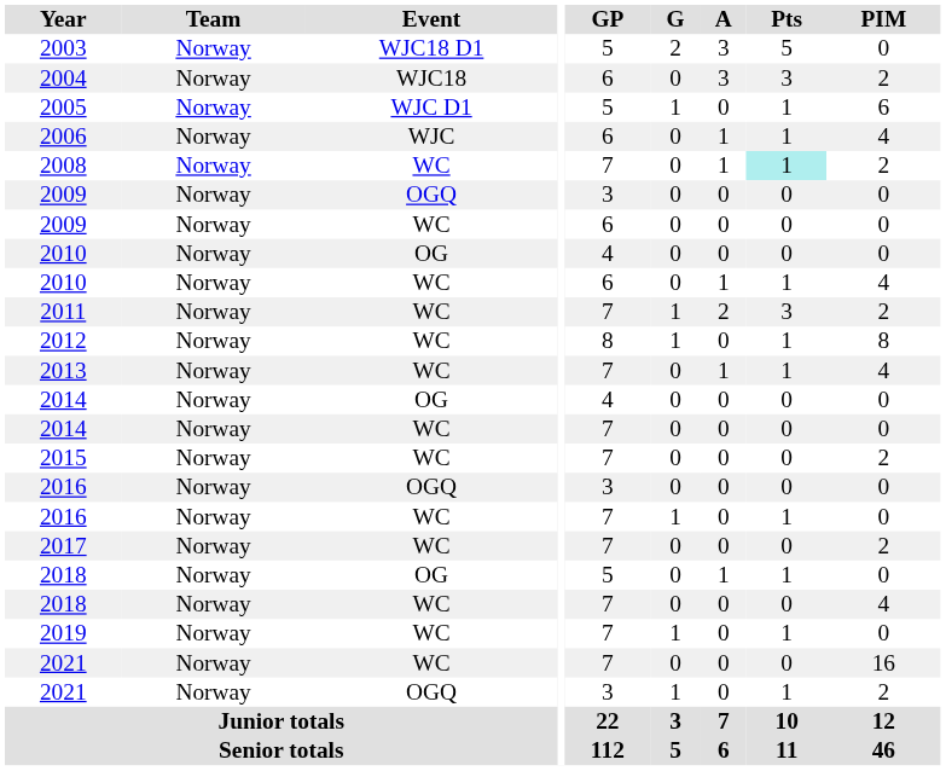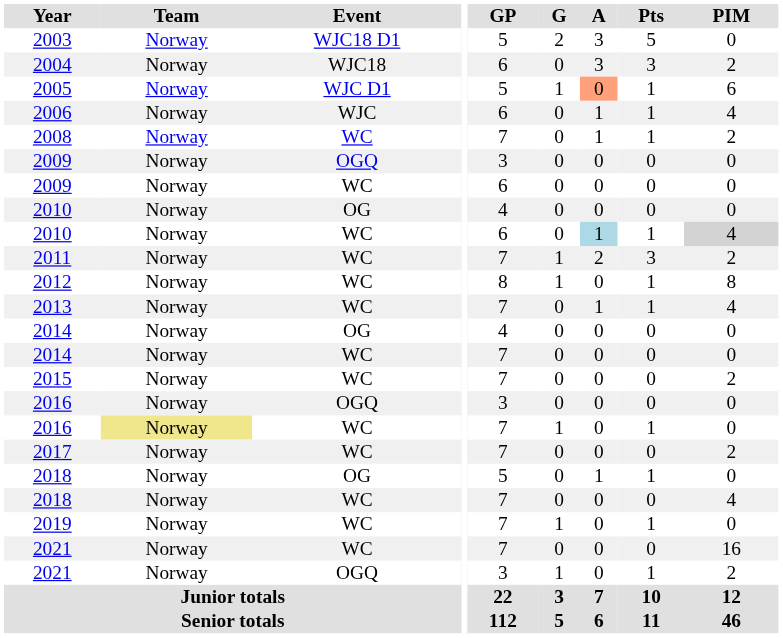 <table border="0" cellpadding="1" cellspacing="0" ID="Table3" style="text-align:center; width:40em">
 <tr ALIGN="center" bgcolor="#e0e0e0">
 <th>Year</th>
 <th>Team</th>
 <th>Event</th>
 <th rowspan="99" bgcolor="#ffffff"></th>
 <th>GP</th>
 <th>G</th>
 <th>A</th>
 <th>Pts</th>
 <th>PIM</th>
 </tr>
 <tr>
 <td><a href='#'>2003</a></td>
 <td><a href='#'>Norway</a></td>
 <td><a href='#'>WJC18 D1</a></td>
 <td>5</td>
 <td>2</td>
 <td>3</td>
 <td>5</td>
 <td>0</td>
 </tr>
 <tr bgcolor="#f0f0f0">
 <td><a href='#'>2004</a></td>
 <td>Norway</td>
 <td>WJC18</td>
 <td>6</td>
 <td>0</td>
 <td>3</td>
 <td>3</td>
 <td>2</td>
 </tr>
 <tr>
 <td><a href='#'>2005</a></td>
 <td><a href='#'>Norway</a></td>
 <td><a href='#'>WJC D1</a></td>
 <td>5</td>
 <td>1</td>
-<td>0</td>
+<td style="background: lightsalmon;">0</td>
 <td>1</td>
 <td>6</td>
 </tr>
 <tr bgcolor="#f0f0f0">
 <td><a href='#'>2006</a></td>
 <td>Norway</td>
 <td>WJC</td>
 <td>6</td>
 <td>0</td>
 <td>1</td>
 <td>1</td>
 <td>4</td>
 </tr>
 <tr>
 <td><a href='#'>2008</a></td>
 <td><a href='#'>Norway</a></td>
 <td><a href='#'>WC</a></td>
 <td>7</td>
 <td>0</td>
 <td>1</td>
-<td style="background: paleturquoise;">1</td>
+<td>1</td>
 <td>2</td>
 </tr>
 <tr bgcolor="#f0f0f0">
 <td><a href='#'>2009</a></td>
 <td>Norway</td>
 <td><a href='#'>OGQ</a></td>
 <td>3</td>
 <td>0</td>
 <td>0</td>
 <td>0</td>
 <td>0</td>
 </tr>
 <tr>
 <td><a href='#'>2009</a></td>
 <td>Norway</td>
 <td>WC</td>
 <td>6</td>
 <td>0</td>
 <td>0</td>
 <td>0</td>
 <td>0</td>
 </tr>
 <tr bgcolor="#f0f0f0">
 <td><a href='#'>2010</a></td>
 <td>Norway</td>
 <td>OG</td>
 <td>4</td>
 <td>0</td>
 <td>0</td>
 <td>0</td>
 <td>0</td>
 </tr>
 <tr>
 <td><a href='#'>2010</a></td>
 <td>Norway</td>
 <td>WC</td>
 <td>6</td>
 <td>0</td>
+<td style="background: lightblue;">1</td>
 <td>1</td>
-<td>1</td>
-<td>4</td>
+<td style="background: lightgrey;">4</td>
 </tr>
 <tr bgcolor="#f0f0f0">
 <td><a href='#'>2011</a></td>
 <td>Norway</td>
 <td>WC</td>
 <td>7</td>
 <td>1</td>
 <td>2</td>
 <td>3</td>
 <td>2</td>
 </tr>
 <tr>
 <td><a href='#'>2012</a></td>
 <td>Norway</td>
 <td>WC</td>
 <td>8</td>
 <td>1</td>
 <td>0</td>
 <td>1</td>
 <td>8</td>
 </tr>
 <tr bgcolor="#f0f0f0">
 <td><a href='#'>2013</a></td>
 <td>Norway</td>
 <td>WC</td>
 <td>7</td>
 <td>0</td>
 <td>1</td>
 <td>1</td>
 <td>4</td>
 </tr>
 <tr>
 <td><a href='#'>2014</a></td>
 <td>Norway</td>
 <td>OG</td>
 <td>4</td>
 <td>0</td>
 <td>0</td>
 <td>0</td>
 <td>0</td>
 </tr>
 <tr bgcolor="#f0f0f0">
 <td><a href='#'>2014</a></td>
 <td>Norway</td>
 <td>WC</td>
 <td>7</td>
 <td>0</td>
 <td>0</td>
 <td>0</td>
 <td>0</td>
 </tr>
 <tr>
 <td><a href='#'>2015</a></td>
 <td>Norway</td>
 <td>WC</td>
 <td>7</td>
 <td>0</td>
 <td>0</td>
 <td>0</td>
 <td>2</td>
 </tr>
 <tr bgcolor="#f0f0f0">
 <td><a href='#'>2016</a></td>
 <td>Norway</td>
 <td>OGQ</td>
 <td>3</td>
 <td>0</td>
 <td>0</td>
 <td>0</td>
 <td>0</td>
 </tr>
 <tr>
 <td><a href='#'>2016</a></td>
-<td>Norway</td>
+<td style="background: khaki;">Norway</td>
 <td>WC</td>
 <td>7</td>
 <td>1</td>
 <td>0</td>
 <td>1</td>
 <td>0</td>
 </tr>
 <tr bgcolor="#f0f0f0">
 <td><a href='#'>2017</a></td>
 <td>Norway</td>
 <td>WC</td>
 <td>7</td>
 <td>0</td>
 <td>0</td>
 <td>0</td>
 <td>2</td>
 </tr>
 <tr>
 <td><a href='#'>2018</a></td>
 <td>Norway</td>
 <td>OG</td>
 <td>5</td>
 <td>0</td>
 <td>1</td>
 <td>1</td>
 <td>0</td>
 </tr>
 <tr bgcolor="#f0f0f0">
 <td><a href='#'>2018</a></td>
 <td>Norway</td>
 <td>WC</td>
 <td>7</td>
 <td>0</td>
 <td>0</td>
 <td>0</td>
 <td>4</td>
 </tr>
 <tr>
 <td><a href='#'>2019</a></td>
 <td>Norway</td>
 <td>WC</td>
 <td>7</td>
 <td>1</td>
 <td>0</td>
 <td>1</td>
 <td>0</td>
 </tr>
 <tr bgcolor="#f0f0f0">
 <td><a href='#'>2021</a></td>
 <td>Norway</td>
 <td>WC</td>
 <td>7</td>
 <td>0</td>
 <td>0</td>
 <td>0</td>
 <td>16</td>
 </tr>
 <tr>
 <td><a href='#'>2021</a></td>
 <td>Norway</td>
 <td>OGQ</td>
 <td>3</td>
 <td>1</td>
 <td>0</td>
 <td>1</td>
 <td>2</td>
 </tr>
 <tr bgcolor="#e0e0e0">
 <th colspan="3">Junior totals</th>
 <th>22</th>
 <th>3</th>
 <th>7</th>
 <th>10</th>
 <th>12</th>
 </tr>
 <tr bgcolor="#e0e0e0">
 <th colspan="3">Senior totals</th>
 <th>112</th>
 <th>5</th>
 <th>6</th>
 <th>11</th>
 <th>46</th>
 </tr>
 </table>
